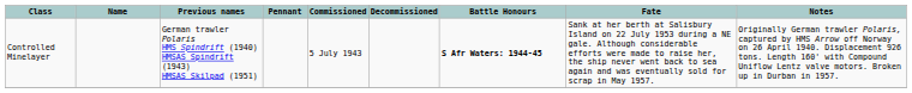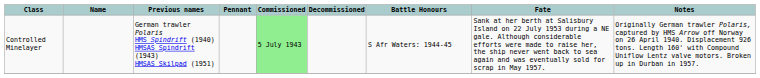 <table class="wikitable sortable" style="font-style: normal; font-size: 85%">
 <tr>
 <th style="width:8%; background-color:#aacccc">Class</th>
 <th style="width:10%; background-color:#aacccc">Name</th>
 <th style="width:12%; background-color:#aacccc" class=unsortable>Previous names</th>
 <th style="width:5%; background-color:#aacccc">Pennant</th>
 <th style="width:5%; background-color:#aacccc">Commissioned</th>
 <th style="width:5%; background-color:#aacccc">Decommissioned</th>
 <th style="width:15%; background-color:#aacccc">Battle Honours</th>
 <th style="width:20%; background-color:#aacccc" class=unsortable>Fate</th>
 <th style="width:20%; background-color:#aacccc" class=unsortable>Notes</th>
 </tr>
 <tr>
 <td>Controlled Minelayer</td>
 <td></td>
 <td>German trawler <em>Polaris</em><br><a href='#'>HMS <em>Spindrift</em></a> (1940)<br><a href='#'>HMSAS Spindrift</a> (1943)<br><a href='#'>HMSAS Skilpad</a> (1951)</td>
 <td></td>
-<td>5 July 1943</td>
+<td style="background: lightgreen;">5 July 1943</td>
 <td></td>
-<td><strong>S Afr Waters: 1944-45</strong></td>
+<td>S Afr Waters: 1944-45</td>
 <td>Sank at her berth at Salisbury Island on 22 July 1953 during a NE gale. Although considerable efforts were made to raise her, the ship never went back to sea again and was eventually sold for scrap in May 1957.</td>
 <td>Originally German trawler <em>Polaris,</em> captured by HMS <em>Arrow</em> off Norway on 26 April 1940.  Displacement 926 tons. Length 160' with Compound Uniflow Lentz valve motors. Broken up in Durban in 1957.</td>
 </tr>
 <tr>
 </tr>
 </table>
